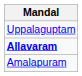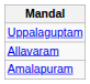 <table class="wikitable sortable static-row-numbers static-row-header-hash">
 <tr>
 <th>Mandal</th>
 </tr>
 <tr>
 <td><a href='#'>Uppalaguptam</a></td>
 </tr>
 <tr>
-<td><strong><a href='#'>Allavaram</a></strong></td>
+<td><a href='#'>Allavaram</a></td>
 </tr>
 <tr>
 <td><a href='#'>Amalapuram</a></td>
 </tr>
 </table>
